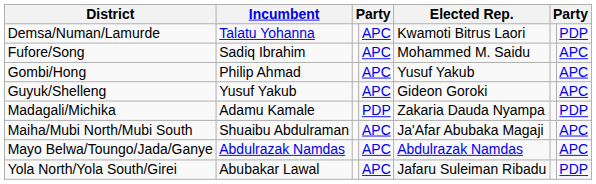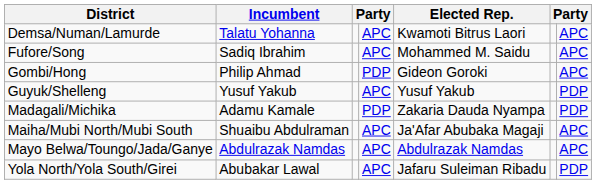 <table class="sortable wikitable" style="font-size:95%;line-height:14px;">
 <tr>
 <th class="unsortable">District</th>
 <th class="unsortable"><a href='#'>Incumbent</a></th>
 <th colspan="2">Party</th>
 <th class="unsortable">Elected Rep.</th>
 <th colspan="2">Party</th>
 </tr>
 <tr>
 <td>Demsa/Numan/Lamurde</td>
 <td><a href='#'>Talatu Yohanna</a></td>
 <td style="background:"></td>
 <td><a href='#'>APC</a></td>
 <td>Kwamoti Bitrus Laori</td>
 <td style="background:"></td>
-<td><a href='#'>PDP</a></td>
+<td><a href='#'>APC</a></td>
 </tr>
 <tr>
 <td>Fufore/Song</td>
 <td>Sadiq Ibrahim</td>
 <td style="background:"></td>
 <td><a href='#'>APC</a></td>
 <td>Mohammed M. Saidu</td>
 <td style="background:"></td>
 <td><a href='#'>APC</a></td>
 </tr>
 <tr>
 <td>Gombi/Hong</td>
 <td>Philip Ahmad</td>
 <td style="background:"></td>
-<td><a href='#'>APC</a></td>
-<td>Yusuf Yakub</td>
+<td><a href='#'>PDP</a></td>
+<td>Gideon Goroki</td>
 <td style="background:"></td>
 <td><a href='#'>APC</a></td>
 </tr>
 <tr>
 <td>Guyuk/Shelleng</td>
 <td>Yusuf Yakub</td>
 <td style="background:"></td>
 <td><a href='#'>APC</a></td>
-<td>Gideon Goroki</td>
+<td>Yusuf Yakub</td>
 <td style="background:"></td>
-<td><a href='#'>APC</a></td>
+<td><a href='#'>PDP</a></td>
 </tr>
 <tr>
 <td>Madagali/Michika</td>
 <td>Adamu Kamale</td>
 <td style="background:"></td>
 <td><a href='#'>PDP</a></td>
 <td>Zakaria Dauda Nyampa</td>
 <td style="background:"></td>
 <td><a href='#'>PDP</a></td>
 </tr>
 <tr>
 <td>Maiha/Mubi North/Mubi South</td>
 <td>Shuaibu Abdulraman</td>
 <td style="background:"></td>
 <td><a href='#'>APC</a></td>
 <td>Ja'Afar Abubaka Magaji</td>
 <td style="background:"></td>
 <td><a href='#'>APC</a></td>
 </tr>
 <tr>
 <td>Mayo Belwa/Toungo/Jada/Ganye</td>
 <td><a href='#'>Abdulrazak Namdas</a></td>
 <td style="background:"></td>
 <td><a href='#'>APC</a></td>
 <td><a href='#'>Abdulrazak Namdas</a></td>
 <td style="background:"></td>
 <td><a href='#'>APC</a></td>
 </tr>
 <tr>
 <td>Yola North/Yola South/Girei</td>
 <td>Abubakar Lawal</td>
 <td style="background:"></td>
 <td><a href='#'>APC</a></td>
 <td>Jafaru Suleiman Ribadu</td>
 <td style="background:"></td>
 <td><a href='#'>PDP</a></td>
 </tr>
 </table>
